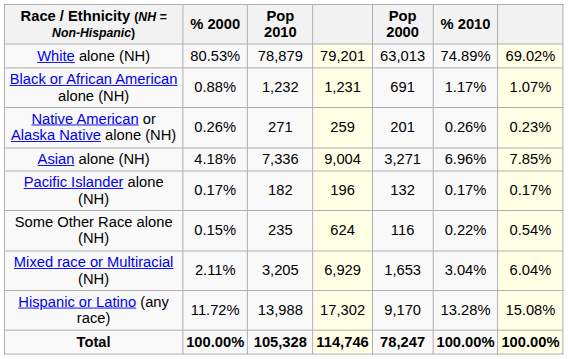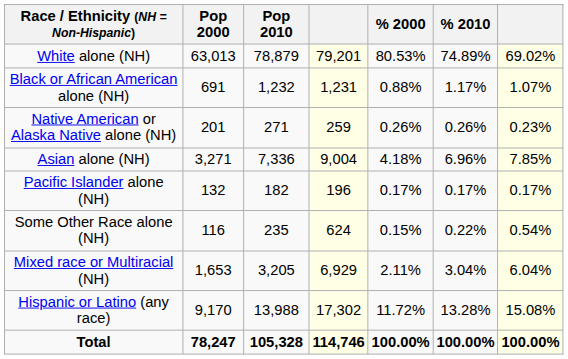 <table class="wikitable" style="text-align:center;">
 <tr>
 <th>Race / Ethnicity <small>(<em>NH = Non-Hispanic</em>)</small></th>
-<th>% 2000</th>
+<th>Pop 2000</th>
 <th>Pop 2010</th>
 <th></th>
-<th>Pop 2000</th>
+<th>% 2000</th>
 <th>% 2010</th>
 <th></th>
 </tr>
 <tr>
 <td><a href='#'>White</a> alone (NH)</td>
-<td>80.53%</td>
+<td>63,013</td>
 <td>78,879</td>
 <td style='background: #ffffe6;'>79,201</td>
-<td>63,013</td>
+<td>80.53%</td>
 <td>74.89%</td>
 <td style='background: #ffffe6;'>69.02%</td>
 </tr>
 <tr>
 <td><a href='#'>Black or African American</a> alone (NH)</td>
-<td>0.88%</td>
+<td>691</td>
 <td>1,232</td>
 <td style='background: #ffffe6;'>1,231</td>
-<td>691</td>
+<td>0.88%</td>
 <td>1.17%</td>
 <td style='background: #ffffe6;'>1.07%</td>
 </tr>
 <tr>
 <td><a href='#'>Native American</a> or <a href='#'>Alaska Native</a> alone (NH)</td>
-<td>0.26%</td>
+<td>201</td>
 <td>271</td>
 <td style='background: #ffffe6;'>259</td>
-<td>201</td>
+<td>0.26%</td>
 <td>0.26%</td>
 <td style='background: #ffffe6;'>0.23%</td>
 </tr>
 <tr>
 <td><a href='#'>Asian</a> alone (NH)</td>
-<td>4.18%</td>
+<td>3,271</td>
 <td>7,336</td>
 <td style='background: #ffffe6;'>9,004</td>
-<td>3,271</td>
+<td>4.18%</td>
 <td>6.96%</td>
 <td style='background: #ffffe6;'>7.85%</td>
 </tr>
 <tr>
 <td><a href='#'>Pacific Islander</a> alone (NH)</td>
-<td>0.17%</td>
+<td>132</td>
 <td>182</td>
 <td style='background: #ffffe6;'>196</td>
-<td>132</td>
+<td>0.17%</td>
 <td>0.17%</td>
 <td style='background: #ffffe6;'>0.17%</td>
 </tr>
 <tr>
 <td>Some Other Race alone (NH)</td>
-<td>0.15%</td>
+<td>116</td>
 <td>235</td>
 <td style='background: #ffffe6;'>624</td>
-<td>116</td>
+<td>0.15%</td>
 <td>0.22%</td>
 <td style='background: #ffffe6;'>0.54%</td>
 </tr>
 <tr>
 <td><a href='#'>Mixed race or Multiracial</a> (NH)</td>
-<td>2.11%</td>
+<td>1,653</td>
 <td>3,205</td>
 <td style='background: #ffffe6;'>6,929</td>
-<td>1,653</td>
+<td>2.11%</td>
 <td>3.04%</td>
 <td style='background: #ffffe6;'>6.04%</td>
 </tr>
 <tr>
 <td><a href='#'>Hispanic or Latino</a> (any race)</td>
-<td>11.72%</td>
+<td>9,170</td>
 <td>13,988</td>
 <td style='background: #ffffe6;'>17,302</td>
-<td>9,170</td>
+<td>11.72%</td>
 <td>13.28%</td>
 <td style='background: #ffffe6;'>15.08%</td>
 </tr>
 <tr>
 <td><strong>Total</strong></td>
-<td><strong>100.00%</strong></td>
+<td><strong>78,247</strong></td>
 <td><strong>105,328</strong></td>
 <td style='background: #ffffe6;'><strong>114,746</strong></td>
-<td><strong>78,247</strong></td>
+<td><strong>100.00%</strong></td>
 <td><strong>100.00%</strong></td>
 <td style='background: #ffffe6;'><strong>100.00%</strong></td>
 </tr>
 </table>
